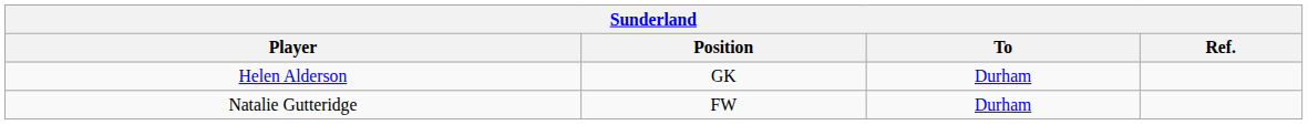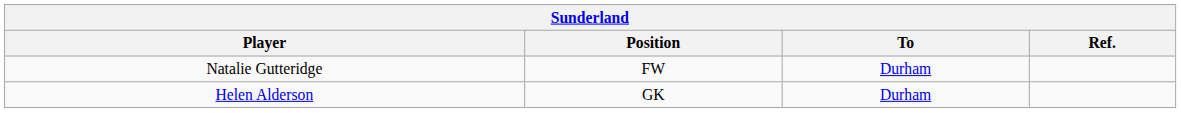 <table class="wikitable sortable collapsible collapsed" style="font-size:95%; text-align: center; width: 90%;">
 <tr>
 <th colspan="4"  style="with:100%; text-align:center;"><strong><a href='#'>Sunderland</a></strong></th>
 </tr>
 <tr>
 <th>Player</th>
 <th>Position</th>
 <th>To</th>
 <th>Ref.</th>
 </tr>
 <tr>
+<td> Natalie Gutteridge</td>
+<td>FW</td>
+<td><a href='#'>Durham</a></td>
+<td></td>
+</tr>
+<tr>
 <td> <a href='#'>Helen Alderson</a></td>
 <td>GK</td>
 <td><a href='#'>Durham</a></td>
 <td></td>
 </tr>
-<tr>
-<td> Natalie Gutteridge</td>
-<td>FW</td>
-<td><a href='#'>Durham</a></td>
-<td></td>
-</tr>
 </table>
